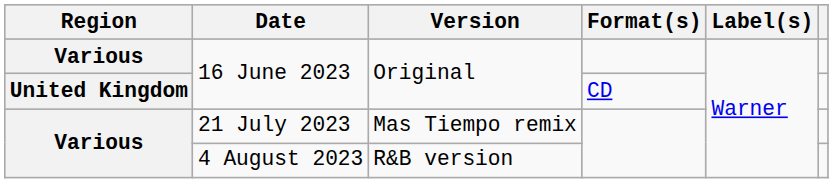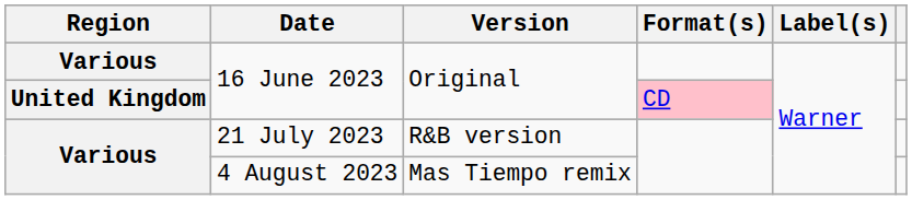 <table class="wikitable plainrowheaders">
 <tr>
 <th scope="col">Region</th>
 <th scope="col">Date</th>
 <th scope="col">Version</th>
 <th scope="col">Format(s)</th>
 <th scope="col">Label(s)</th>
 <th scope="col"></th>
 </tr>
 <tr>
 <th scope="row">Various</th>
 <td rowspan="2">16 June 2023</td>
 <td rowspan="2">Original</td>
 <td></td>
 <td rowspan="4"><a href='#'>Warner</a></td>
 <td style="text-align:center;"></td>
 </tr>
 <tr>
 <th scope="row">United Kingdom</th>
-<td><a href='#'>CD</a></td>
+<td style="background: pink;"><a href='#'>CD</a></td>
 <td style="text-align:center;"></td>
 </tr>
 <tr>
 <th scope="row" rowspan="2">Various</th>
 <td>21 July 2023</td>
-<td>Mas Tiempo remix</td>
+<td>R&B version</td>
 <td rowspan="2"></td>
 <td></td>
 </tr>
 <tr>
 <td>4 August 2023</td>
-<td>R&B version</td>
+<td>Mas Tiempo remix</td>
 <td></td>
 </tr>
 </table>
